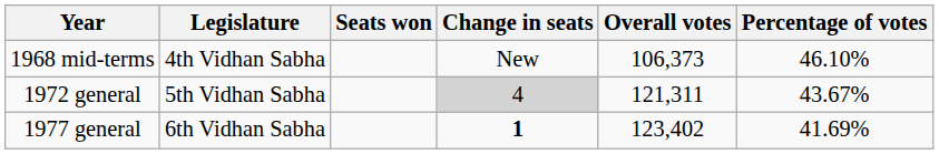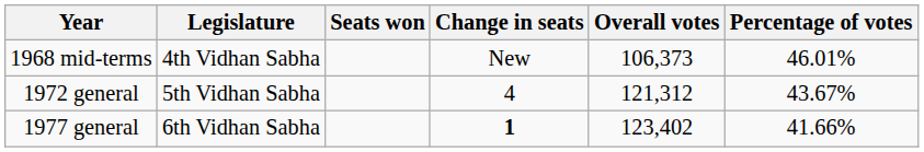 <table class="wikitable" style="text-align:center">
 <tr>
 <th Style="background-color:">Year</th>
 <th Style="background-color:">Legislature</th>
 <th Style="background-color:">Seats won</th>
 <th Style="background-color:">Change in seats</th>
 <th Style="background-color:">Overall votes</th>
 <th Style="background-color:">Percentage of votes</th>
 </tr>
 <tr>
 <td>1968 mid-terms</td>
 <td>4th Vidhan Sabha</td>
 <td></td>
 <td>New</td>
 <td>106,373</td>
-<td>46.10%</td>
+<td>46.01%</td>
 </tr>
 <tr>
 <td>1972 general</td>
 <td>5th Vidhan Sabha</td>
 <td></td>
-<td style="background: lightgrey;"> 4</td>
-<td>121,311</td>
+<td> 4</td>
+<td>121,312</td>
 <td>43.67%</td>
 </tr>
 <tr>
 <td>1977 general</td>
 <td>6th Vidhan Sabha</td>
 <td></td>
 <td><strong> 1</strong></td>
 <td>123,402</td>
-<td>41.69%</td>
+<td>41.66%</td>
 </tr>
 </table>
